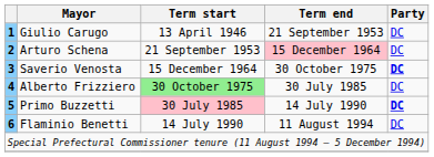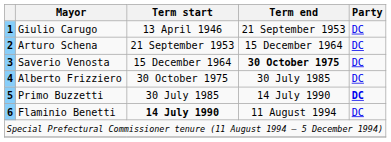 <table class="wikitable">
 <tr>
 <th class=unsortable> </th>
 <th>Mayor</th>
 <th>Term start</th>
 <th>Term end</th>
 <th>Party</th>
 </tr>
 <tr>
 <th style="background:#87CEFA;">1</th>
 <td>Giulio Carugo</td>
 <td align=center>13 April 1946</td>
 <td align=center>21 September 1953</td>
 <td><a href='#'>DC</a></td>
 </tr>
 <tr>
 <th style="background:#87CEFA;">2</th>
 <td>Arturo Schena</td>
 <td align=center>21 September 1953</td>
-<td align=center style="background: pink;">15 December 1964</td>
+<td align=center>15 December 1964</td>
 <td><a href='#'>DC</a></td>
 </tr>
 <tr>
 <th style="background:#87CEFA;">3</th>
 <td>Saverio Venosta</td>
 <td align=center>15 December 1964</td>
-<td align=center>30 October 1975</td>
-<td><strong><a href='#'>DC</a></strong></td>
+<td align=center><strong>30 October 1975</strong></td>
+<td><a href='#'>DC</a></td>
 </tr>
 <tr>
 <th style="background:#87CEFA;">4</th>
 <td>Alberto Frizziero</td>
-<td align=center style="background: lightgreen;">30 October 1975</td>
+<td align=center>30 October 1975</td>
 <td align=center>30 July 1985</td>
 <td><a href='#'>DC</a></td>
 </tr>
 <tr>
 <th style="background:#87CEFA;">5</th>
 <td>Primo Buzzetti</td>
-<td align=center style="background: pink;">30 July 1985</td>
+<td align=center>30 July 1985</td>
 <td align=center>14 July 1990</td>
 <td><strong><a href='#'>DC</a></strong></td>
 </tr>
 <tr>
 <th style="background:#87CEFA;">6</th>
 <td>Flaminio Benetti</td>
-<td align=center>14 July 1990</td>
+<td align=center><strong>14 July 1990</strong></td>
 <td align=center>11 August 1994</td>
 <td><a href='#'>DC</a></td>
 </tr>
 <tr>
 <td align=center colspan=5><small><em>Special Prefectural Commissioner tenure (11 August 1994 – 5 December 1994)</em></small></td>
 </tr>
 <tr>
 </tr>
 </table>
